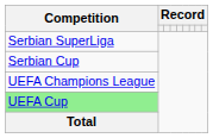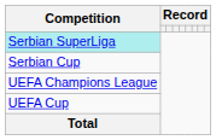 <table class="wikitable" style="text-align: left">
 <tr>
 <th rowspan=2>Competition</th>
 <th colspan=8>Record</th>
 </tr>
 <tr>
 <th></th>
 <th></th>
 <th></th>
 <th></th>
 <th></th>
 <th></th>
 <th></th>
 <th></th>
 </tr>
 <tr>
-<td><a href='#'>Serbian SuperLiga</a><br></td>
+<td style="background: paleturquoise;"><a href='#'>Serbian SuperLiga</a><br></td>
 </tr>
 <tr>
 <td><a href='#'>Serbian Cup</a><br></td>
 </tr>
 <tr>
 <td><a href='#'>UEFA Champions League</a><br></td>
 </tr>
 <tr>
-<td style="background: lightgreen;"><a href='#'>UEFA Cup</a><br></td>
+<td><a href='#'>UEFA Cup</a><br></td>
 </tr>
 <tr>
 <th>Total<br></th>
 </tr>
 </table>
